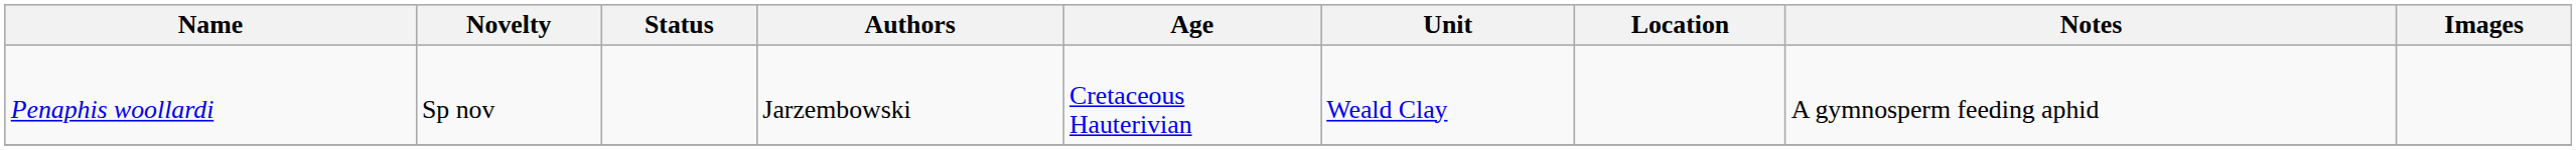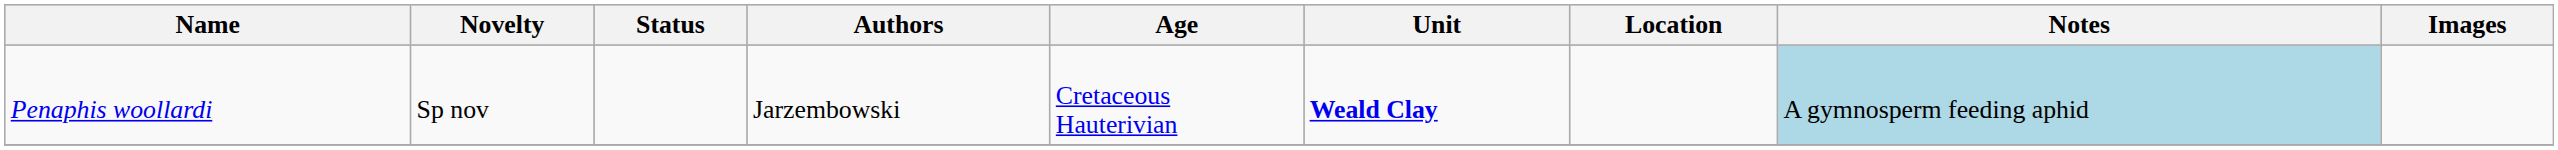 <table class="wikitable sortable" align="center" width="100%">
 <tr>
 <th>Name</th>
 <th>Novelty</th>
 <th>Status</th>
 <th>Authors</th>
 <th>Age</th>
 <th>Unit</th>
 <th>Location</th>
 <th>Notes</th>
 <th>Images</th>
 </tr>
 <tr>
 <td><br><em><a href='#'>Penaphis woollardi</a></em></td>
 <td><br>Sp nov</td>
 <td></td>
 <td><br>Jarzembowski</td>
 <td><br><a href='#'>Cretaceous</a><br> <a href='#'>Hauterivian</a></td>
-<td><br><a href='#'>Weald Clay</a></td>
+<td><strong><br><a href='#'>Weald Clay</a></strong></td>
 <td><br></td>
-<td><br>A gymnosperm feeding aphid</td>
+<td style="background: lightblue;"><br>A gymnosperm feeding aphid</td>
 <td></td>
 </tr>
 <tr>
 </tr>
 </table>
